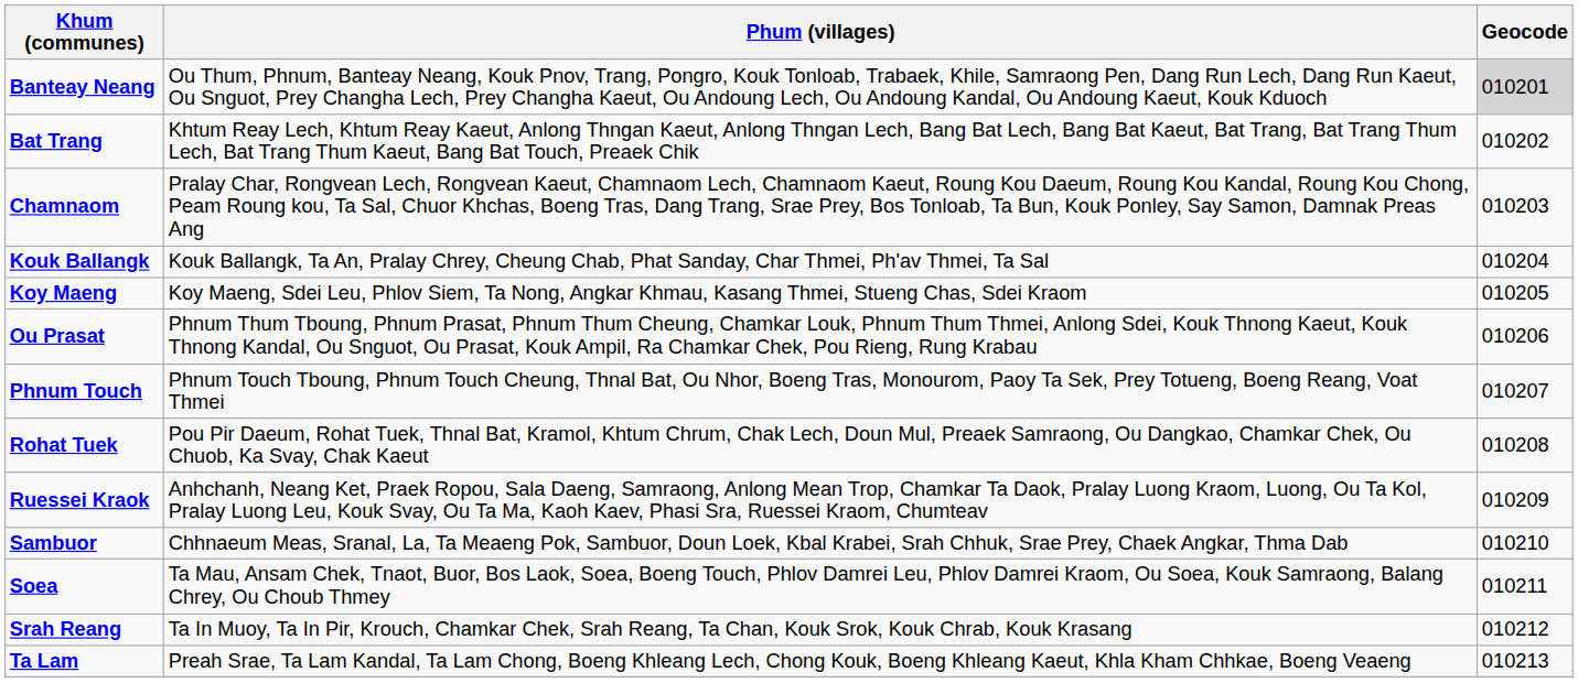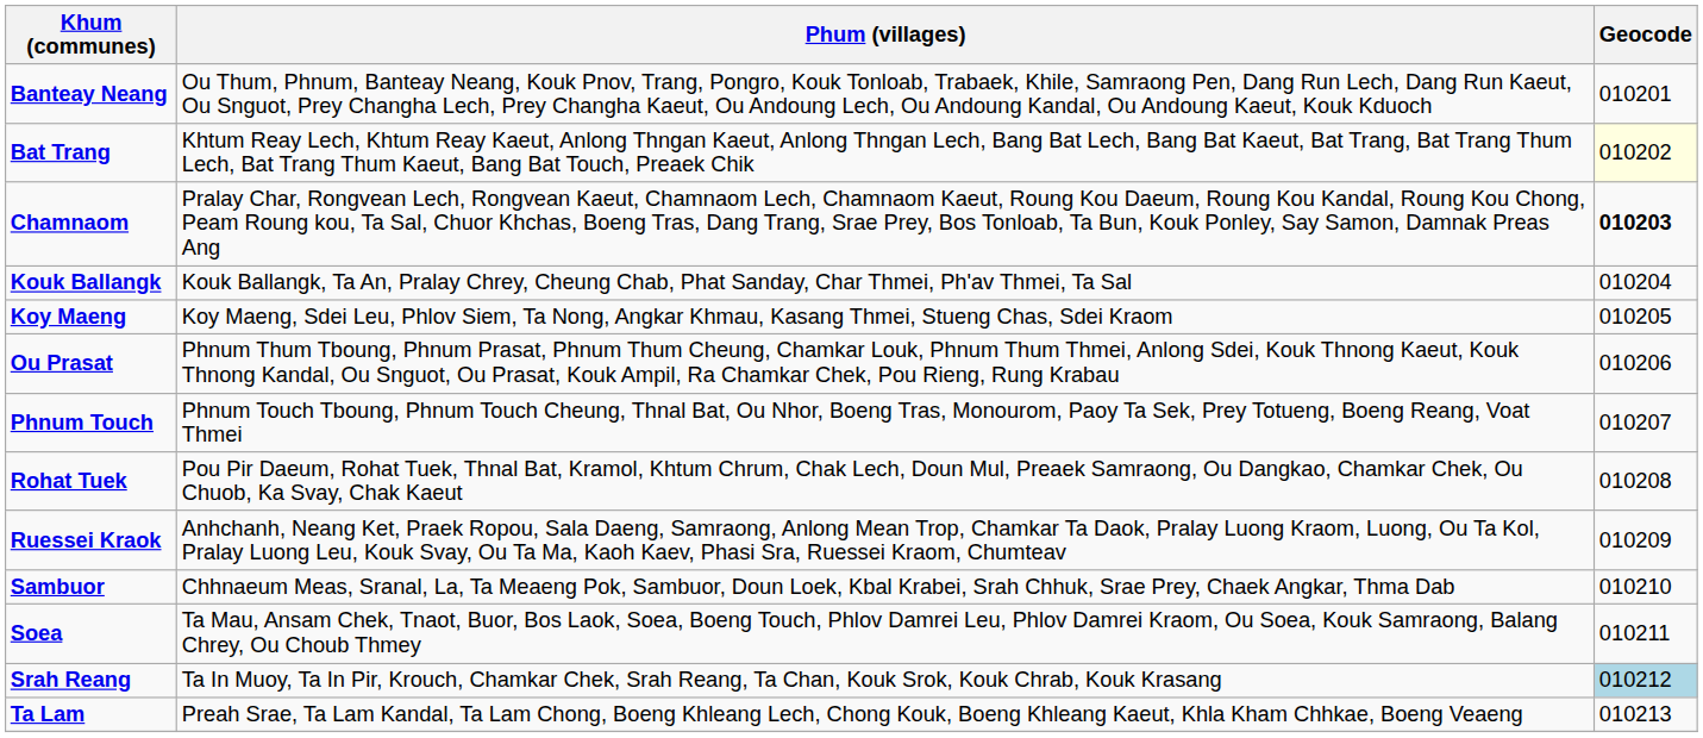 <table class="wikitable">
 <tr>
 <th><a href='#'>Khum</a> (communes)</th>
 <th><a href='#'>Phum</a> (villages)</th>
 <th>Geocode</th>
 </tr>
 <tr>
 <td><strong><a href='#'>Banteay Neang</a> </strong></td>
 <td>Ou Thum, Phnum, Banteay Neang, Kouk Pnov, Trang, Pongro, Kouk Tonloab, Trabaek, Khile, Samraong Pen, Dang Run Lech, Dang Run Kaeut, Ou Snguot, Prey Changha Lech, Prey Changha Kaeut, Ou Andoung Lech, Ou Andoung Kandal, Ou Andoung Kaeut, Kouk Kduoch</td>
-<td style="background: lightgrey;">010201</td>
+<td>010201</td>
 </tr>
 <tr>
 <td><strong><a href='#'>Bat Trang</a></strong></td>
 <td>Khtum Reay Lech, Khtum Reay Kaeut, Anlong Thngan Kaeut, Anlong Thngan Lech, Bang Bat Lech, Bang Bat Kaeut, Bat Trang, Bat Trang Thum Lech, Bat Trang Thum Kaeut, Bang Bat Touch, Preaek Chik</td>
-<td>010202</td>
+<td style="background: lightyellow;">010202</td>
 </tr>
 <tr>
 <td><strong><a href='#'>Chamnaom</a></strong></td>
 <td>Pralay Char, Rongvean Lech, Rongvean Kaeut, Chamnaom Lech, Chamnaom Kaeut, Roung Kou Daeum, Roung Kou Kandal, Roung Kou Chong, Peam Roung kou, Ta Sal, Chuor Khchas, Boeng Tras, Dang Trang, Srae Prey, Bos Tonloab, Ta Bun, Kouk Ponley, Say Samon, Damnak Preas Ang</td>
-<td>010203</td>
+<td><strong>010203</strong></td>
 </tr>
 <tr>
 <td><strong><a href='#'>Kouk Ballangk</a></strong></td>
 <td>Kouk Ballangk, Ta An, Pralay Chrey, Cheung Chab, Phat Sanday, Char Thmei, Ph'av Thmei, Ta Sal</td>
 <td>010204</td>
 </tr>
 <tr>
 <td><strong><a href='#'>Koy Maeng</a></strong></td>
 <td>Koy Maeng, Sdei Leu, Phlov Siem, Ta Nong, Angkar Khmau, Kasang Thmei, Stueng Chas, Sdei Kraom</td>
 <td>010205</td>
 </tr>
 <tr>
 <td><strong><a href='#'>Ou Prasat</a></strong></td>
 <td>Phnum Thum Tboung, Phnum Prasat, Phnum Thum Cheung, Chamkar Louk, Phnum Thum Thmei, Anlong Sdei, Kouk Thnong Kaeut, Kouk Thnong Kandal, Ou Snguot, Ou Prasat, Kouk Ampil, Ra Chamkar Chek, Pou Rieng, Rung Krabau</td>
 <td>010206</td>
 </tr>
 <tr>
 <td><strong><a href='#'>Phnum Touch</a></strong></td>
 <td>Phnum Touch Tboung, Phnum Touch Cheung, Thnal Bat, Ou Nhor, Boeng Tras, Monourom, Paoy Ta Sek, Prey Totueng, Boeng Reang, Voat Thmei</td>
 <td>010207</td>
 </tr>
 <tr>
 <td><strong><a href='#'>Rohat Tuek</a></strong></td>
 <td>Pou Pir Daeum, Rohat Tuek, Thnal Bat, Kramol, Khtum Chrum, Chak Lech, Doun Mul, Preaek Samraong, Ou Dangkao, Chamkar Chek, Ou Chuob, Ka Svay, Chak Kaeut</td>
 <td>010208</td>
 </tr>
 <tr>
 <td><strong><a href='#'>Ruessei Kraok</a></strong></td>
 <td>Anhchanh, Neang Ket, Praek Ropou, Sala Daeng, Samraong, Anlong Mean Trop, Chamkar Ta Daok, Pralay Luong Kraom, Luong, Ou Ta Kol, Pralay Luong Leu, Kouk Svay, Ou Ta Ma, Kaoh Kaev, Phasi Sra, Ruessei Kraom, Chumteav</td>
 <td>010209</td>
 </tr>
 <tr>
 <td><strong><a href='#'>Sambuor</a></strong></td>
 <td>Chhnaeum Meas, Sranal, La, Ta Meaeng Pok, Sambuor, Doun Loek, Kbal Krabei, Srah Chhuk, Srae Prey, Chaek Angkar, Thma Dab</td>
 <td>010210</td>
 </tr>
 <tr>
 <td><strong><a href='#'>Soea</a></strong></td>
 <td>Ta Mau, Ansam Chek, Tnaot, Buor, Bos Laok, Soea, Boeng Touch, Phlov Damrei Leu, Phlov Damrei Kraom, Ou Soea, Kouk Samraong, Balang Chrey, Ou Choub Thmey</td>
 <td>010211</td>
 </tr>
 <tr>
 <td><strong><a href='#'>Srah Reang</a></strong></td>
 <td>Ta In Muoy, Ta In Pir, Krouch, Chamkar Chek, Srah Reang, Ta Chan, Kouk Srok, Kouk Chrab, Kouk Krasang</td>
-<td>010212</td>
+<td style="background: lightblue;">010212</td>
 </tr>
 <tr>
 <td><strong><a href='#'>Ta Lam</a></strong></td>
 <td>Preah Srae, Ta Lam Kandal, Ta Lam Chong, Boeng Khleang Lech, Chong Kouk, Boeng Khleang Kaeut, Khla Kham Chhkae, Boeng Veaeng</td>
 <td>010213</td>
 </tr>
 <tr>
 </tr>
 </table>
